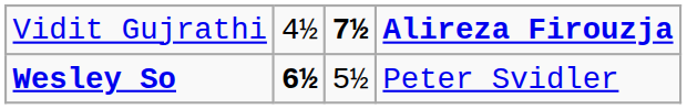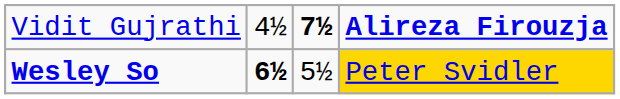 <table class="wikitable">
 <tr>
 <td> <a href='#'>Vidit Gujrathi</a></td>
 <td>4½</td>
 <td><strong>7½</strong></td>
 <td> <strong><a href='#'>Alireza Firouzja</a></strong></td>
 </tr>
 <tr>
 <td> <strong><a href='#'>Wesley So</a></strong></td>
 <td><strong>6½</strong></td>
 <td>5½</td>
-<td> <a href='#'>Peter Svidler</a></td>
+<td style="background: gold;"> <a href='#'>Peter Svidler</a></td>
 </tr>
 </table>
